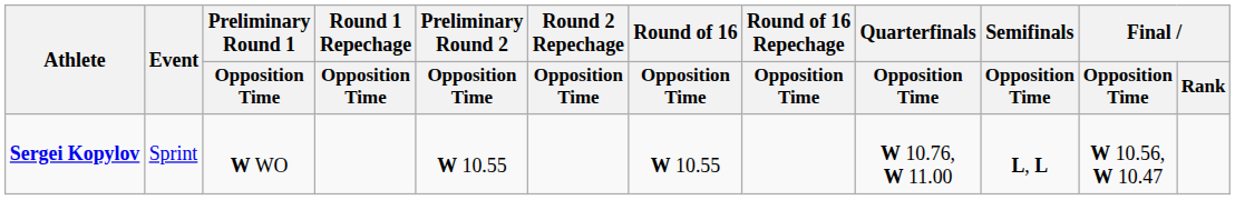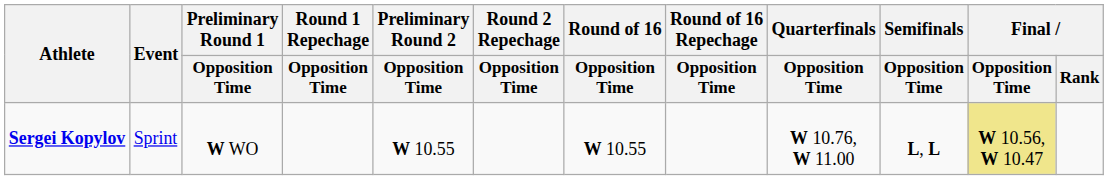 <table class="wikitable" style="text-align:center;font-size:90%">
 <tr>
 <th rowspan=2>Athlete</th>
 <th rowspan=2>Event</th>
 <th>Preliminary<br>Round 1</th>
 <th>Round 1<br>Repechage</th>
 <th>Preliminary<br>Round 2</th>
 <th>Round 2<br>Repechage</th>
 <th>Round of 16</th>
 <th>Round of 16<br>Repechage</th>
 <th>Quarterfinals</th>
 <th>Semifinals</th>
 <th colspan=2>Final / </th>
 </tr>
 <tr style="font-size:95%">
 <th>Opposition<br>Time</th>
 <th>Opposition<br>Time</th>
 <th>Opposition<br>Time</th>
 <th>Opposition<br>Time</th>
 <th>Opposition<br>Time</th>
 <th>Opposition<br>Time</th>
 <th>Opposition<br>Time</th>
 <th>Opposition<br>Time</th>
 <th>Opposition<br>Time</th>
 <th>Rank</th>
 </tr>
 <tr>
 <td align=left><strong><a href='#'>Sergei Kopylov</a></strong></td>
 <td align=left><a href='#'>Sprint</a></td>
 <td><br><strong>W</strong> WO</td>
 <td></td>
 <td><br><strong>W</strong> 10.55</td>
 <td></td>
 <td><br><strong>W</strong> 10.55</td>
 <td></td>
 <td><br><strong>W</strong>  10.76,<br><strong>W</strong>  11.00</td>
 <td><br><strong>L</strong>, <strong>L</strong></td>
-<td><br><strong>W</strong>  10.56,<br><strong>W</strong>  10.47</td>
+<td style="background: khaki;"><br><strong>W</strong>  10.56,<br><strong>W</strong>  10.47</td>
 <td></td>
 </tr>
 </table>
